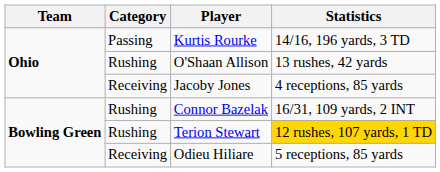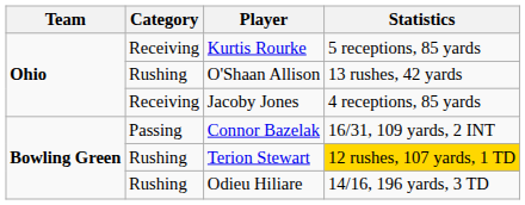 <table class="wikitable" style="float: right;">
 <tr>
 <th>Team</th>
 <th>Category</th>
 <th>Player</th>
 <th>Statistics</th>
 </tr>
 <tr>
 <td rowspan=3><strong>Ohio</strong></td>
-<td>Passing</td>
+<td>Receiving</td>
 <td><a href='#'>Kurtis Rourke</a></td>
-<td>14/16, 196 yards, 3 TD</td>
+<td>5 receptions, 85 yards</td>
 </tr>
 <tr>
 <td>Rushing</td>
 <td>O'Shaan Allison</td>
 <td>13 rushes, 42 yards</td>
 </tr>
 <tr>
 <td>Receiving</td>
 <td>Jacoby Jones</td>
 <td>4 receptions, 85 yards</td>
 </tr>
 <tr>
 <td rowspan=3><strong>Bowling Green</strong></td>
-<td>Rushing</td>
+<td>Passing</td>
 <td><a href='#'>Connor Bazelak</a></td>
 <td>16/31, 109 yards, 2 INT</td>
 </tr>
 <tr>
 <td>Rushing</td>
 <td><a href='#'>Terion Stewart</a></td>
 <td style="background: gold;">12 rushes, 107 yards, 1 TD</td>
 </tr>
 <tr>
-<td>Receiving</td>
+<td>Rushing</td>
 <td>Odieu Hiliare</td>
-<td>5 receptions, 85 yards</td>
+<td>14/16, 196 yards, 3 TD</td>
 </tr>
 </table>
